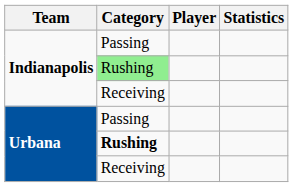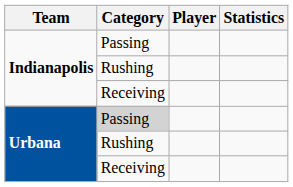 <table class="wikitable" style="float: right;">
 <tr>
 <th>Team</th>
 <th>Category</th>
 <th>Player</th>
 <th>Statistics</th>
 </tr>
 <tr>
 <td rowspan=3><strong>Indianapolis</strong></td>
 <td>Passing</td>
 <td></td>
 <td></td>
 </tr>
 <tr>
-<td style="background: lightgreen;">Rushing</td>
+<td>Rushing</td>
 <td></td>
 <td></td>
 </tr>
 <tr>
 <td>Receiving</td>
 <td></td>
 <td></td>
 </tr>
 <tr>
 <td rowspan=3 style="background:#00529F; color:white; "><strong>Urbana</strong></td>
-<td>Passing</td>
+<td style="background: lightgrey;">Passing</td>
 <td></td>
 <td></td>
 </tr>
 <tr>
-<td><strong>Rushing</strong></td>
+<td>Rushing</td>
 <td></td>
 <td></td>
 </tr>
 <tr>
 <td>Receiving</td>
 <td></td>
 <td></td>
 </tr>
 </table>
